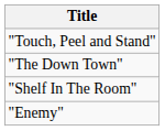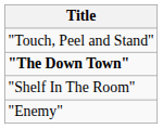 <table class="wikitable">
 <tr>
 <th>Title</th>
 </tr>
 <tr>
 <td>"Touch, Peel and Stand"</td>
 </tr>
 <tr>
-<td>"The Down Town"</td>
+<td><strong>"The Down Town"</strong></td>
 </tr>
 <tr>
 <td>"Shelf In The Room"</td>
 </tr>
 <tr>
 <td>"Enemy"</td>
 </tr>
 </table>
